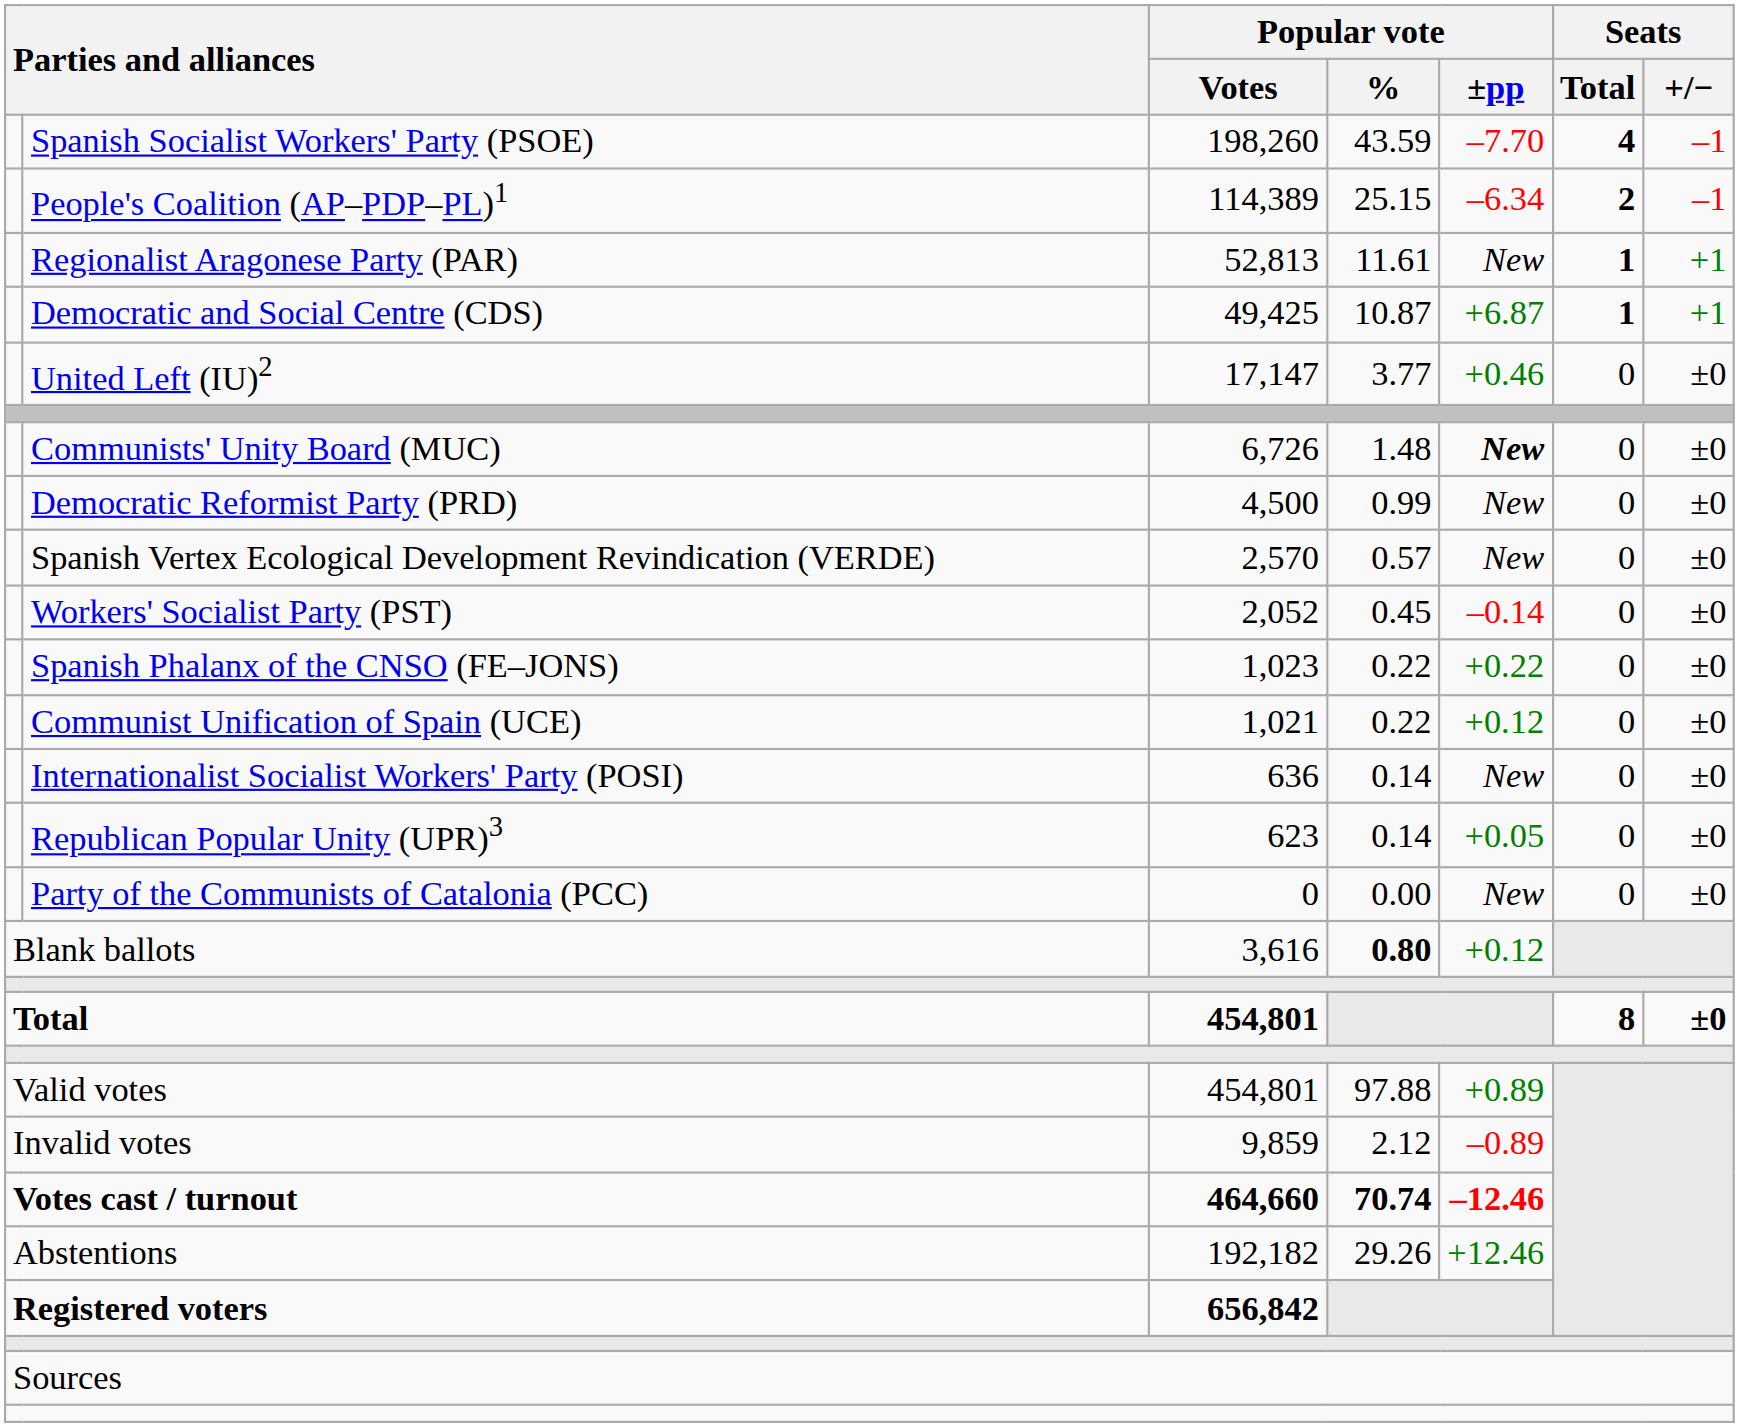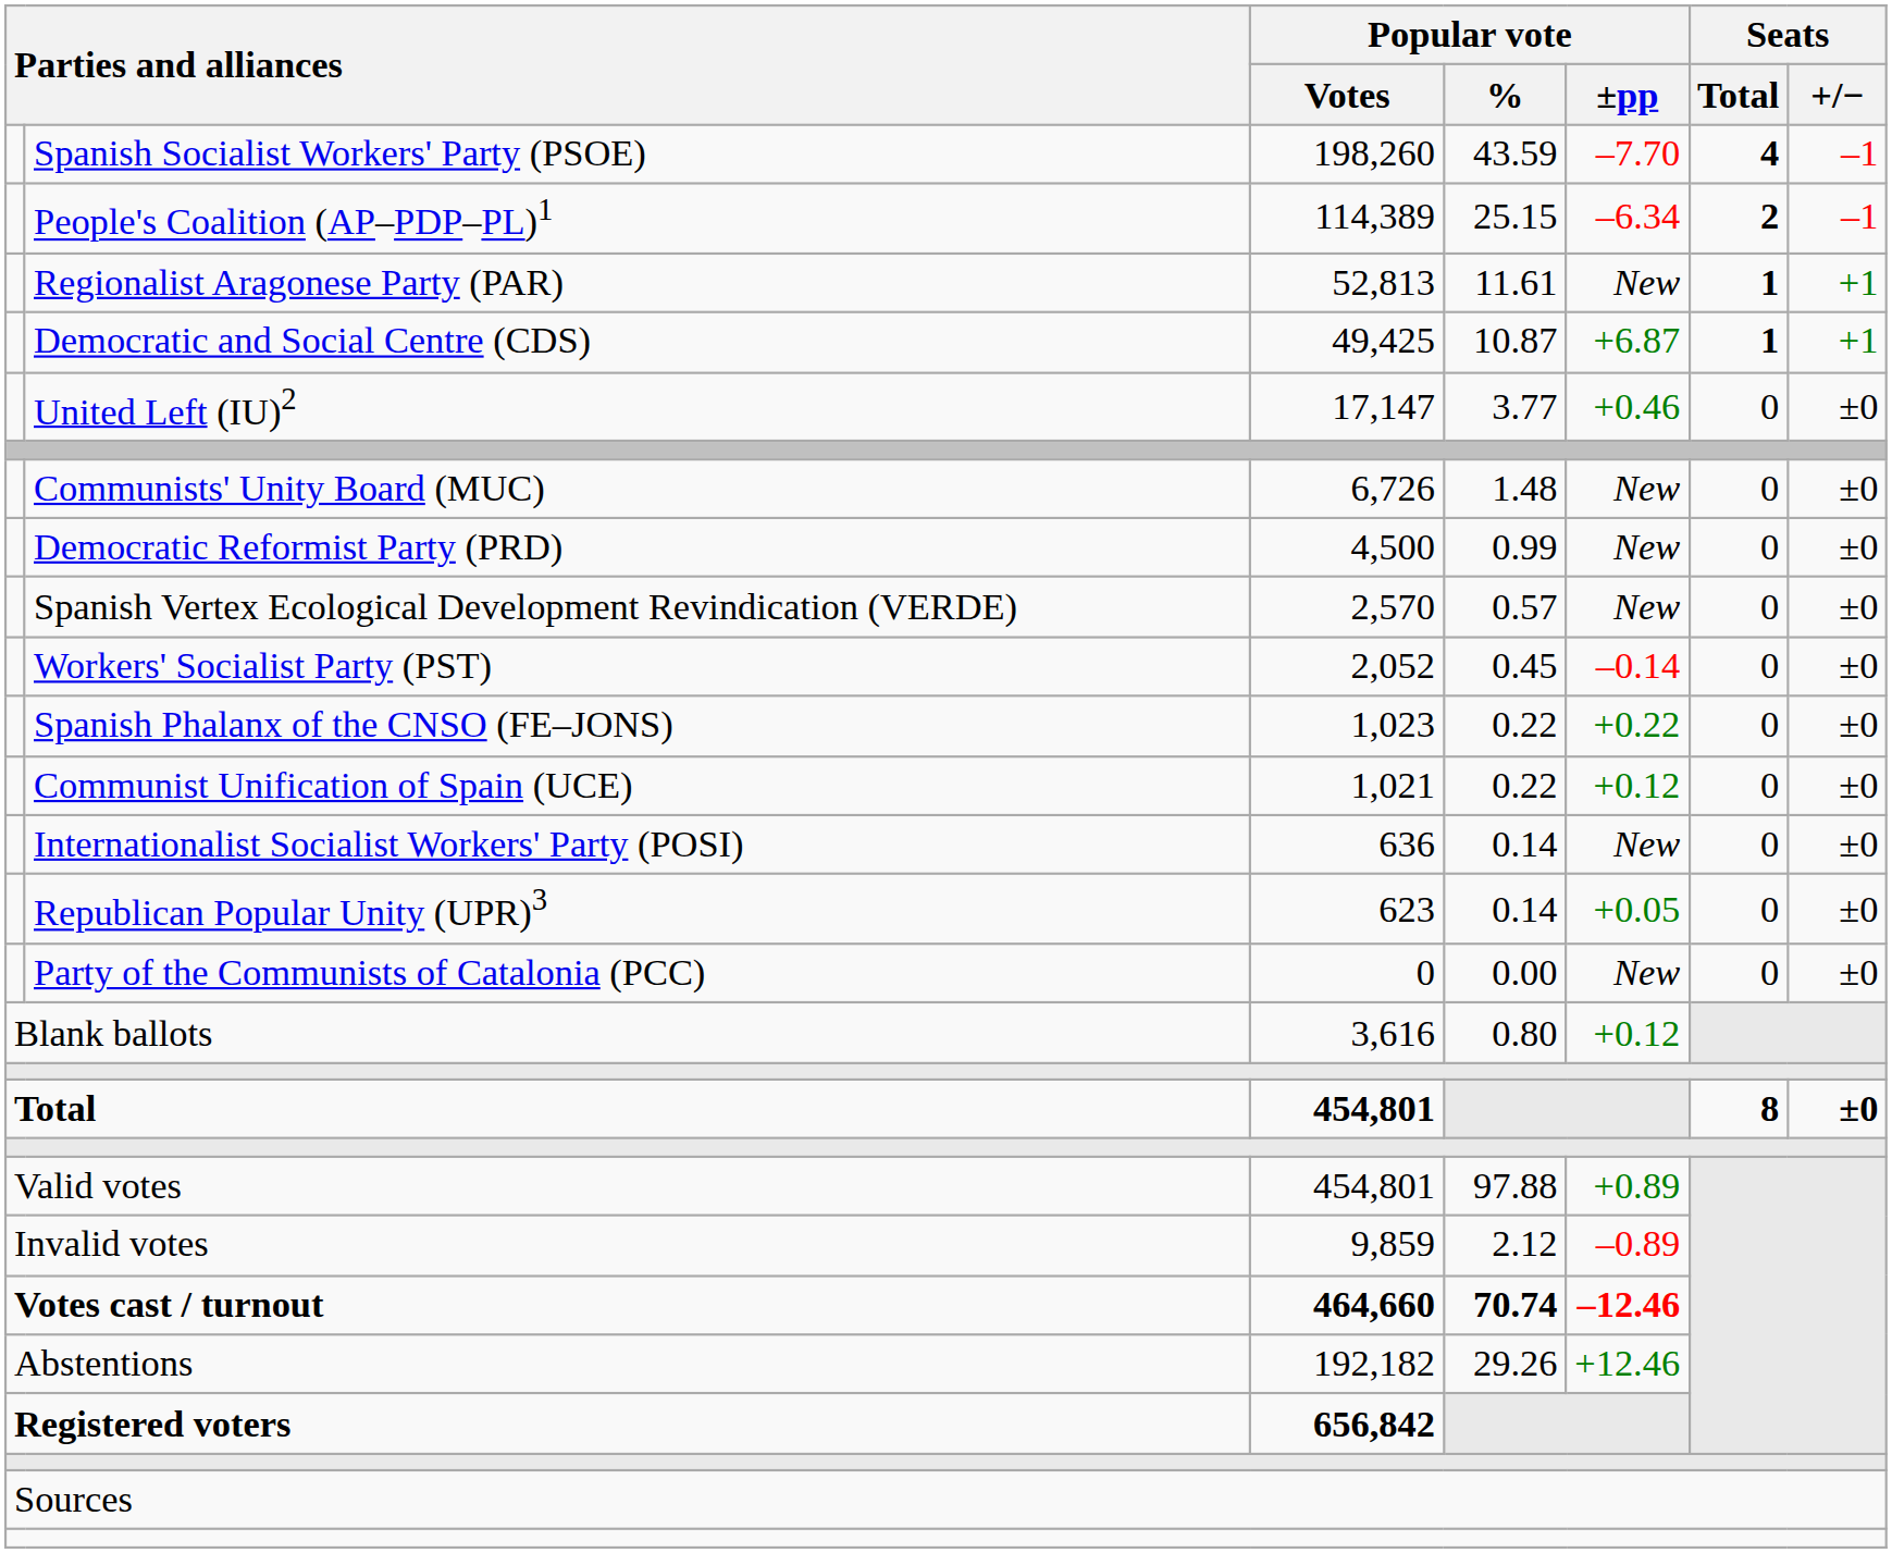 <table class="wikitable" style="text-align:right;">
 <tr>
 <th style="text-align:left;" rowspan="2" colspan="2" width="525">Parties and alliances</th>
 <th colspan="3">Popular vote</th>
 <th colspan="2">Seats</th>
 </tr>
 <tr>
 <th width="75">Votes</th>
 <th width="45">%</th>
 <th width="45">±<a href='#'>pp</a></th>
 <th width="35">Total</th>
 <th width="35">+/−</th>
 </tr>
 <tr>
 <td width="1" style="color:inherit;background:"></td>
 <td align="left"><a href='#'>Spanish Socialist Workers' Party</a> (PSOE)</td>
 <td>198,260</td>
 <td>43.59</td>
 <td style="color:red;">–7.70</td>
 <td><strong>4</strong></td>
 <td style="color:red;">–1</td>
 </tr>
 <tr>
 <td style="color:inherit;background:"></td>
 <td align="left"><a href='#'>People's Coalition</a> (<a href='#'>AP</a>–<a href='#'>PDP</a>–<a href='#'>PL</a>)<sup>1</sup></td>
 <td>114,389</td>
 <td>25.15</td>
 <td style="color:red;">–6.34</td>
 <td><strong>2</strong></td>
 <td style="color:red;">–1</td>
 </tr>
 <tr>
 <td style="color:inherit;background:"></td>
 <td align="left"><a href='#'>Regionalist Aragonese Party</a> (PAR)</td>
 <td>52,813</td>
 <td>11.61</td>
 <td><em>New</em></td>
 <td><strong>1</strong></td>
 <td style="color:green;">+1</td>
 </tr>
 <tr>
 <td style="color:inherit;background:"></td>
 <td align="left"><a href='#'>Democratic and Social Centre</a> (CDS)</td>
 <td>49,425</td>
 <td>10.87</td>
 <td style="color:green;">+6.87</td>
 <td><strong>1</strong></td>
 <td style="color:green;">+1</td>
 </tr>
 <tr>
 <td style="color:inherit;background:"></td>
 <td align="left"><a href='#'>United Left</a> (IU)<sup>2</sup></td>
 <td>17,147</td>
 <td>3.77</td>
 <td style="color:green;">+0.46</td>
 <td>0</td>
 <td>±0</td>
 </tr>
 <tr>
 <td colspan="7" bgcolor="#C0C0C0"></td>
 </tr>
 <tr>
 <td style="color:inherit;background:"></td>
 <td align="left"><a href='#'>Communists' Unity Board</a> (MUC)</td>
 <td>6,726</td>
 <td>1.48</td>
-<td><strong><em>New</em></strong></td>
+<td><em>New</em></td>
 <td>0</td>
 <td>±0</td>
 </tr>
 <tr>
 <td style="color:inherit;background:"></td>
 <td align="left"><a href='#'>Democratic Reformist Party</a> (PRD)</td>
 <td>4,500</td>
 <td>0.99</td>
 <td><em>New</em></td>
 <td>0</td>
 <td>±0</td>
 </tr>
 <tr>
 <td style="color:inherit;background:"></td>
 <td align="left">Spanish Vertex Ecological Development Revindication (VERDE)</td>
 <td>2,570</td>
 <td>0.57</td>
 <td><em>New</em></td>
 <td>0</td>
 <td>±0</td>
 </tr>
 <tr>
 <td style="color:inherit;background:"></td>
 <td align="left"><a href='#'>Workers' Socialist Party</a> (PST)</td>
 <td>2,052</td>
 <td>0.45</td>
 <td style="color:red;">–0.14</td>
 <td>0</td>
 <td>±0</td>
 </tr>
 <tr>
 <td style="color:inherit;background:"></td>
 <td align="left"><a href='#'>Spanish Phalanx of the CNSO</a> (FE–JONS)</td>
 <td>1,023</td>
 <td>0.22</td>
 <td style="color:green;">+0.22</td>
 <td>0</td>
 <td>±0</td>
 </tr>
 <tr>
 <td style="color:inherit;background:"></td>
 <td align="left"><a href='#'>Communist Unification of Spain</a> (UCE)</td>
 <td>1,021</td>
 <td>0.22</td>
 <td style="color:green;">+0.12</td>
 <td>0</td>
 <td>±0</td>
 </tr>
 <tr>
 <td style="color:inherit;background:"></td>
 <td align="left"><a href='#'>Internationalist Socialist Workers' Party</a> (POSI)</td>
 <td>636</td>
 <td>0.14</td>
 <td><em>New</em></td>
 <td>0</td>
 <td>±0</td>
 </tr>
 <tr>
 <td style="color:inherit;background:"></td>
 <td align="left"><a href='#'>Republican Popular Unity</a> (UPR)<sup>3</sup></td>
 <td>623</td>
 <td>0.14</td>
 <td style="color:green;">+0.05</td>
 <td>0</td>
 <td>±0</td>
 </tr>
 <tr>
 <td style="color:inherit;background:"></td>
 <td align="left"><a href='#'>Party of the Communists of Catalonia</a> (PCC)</td>
 <td>0</td>
 <td>0.00</td>
 <td><em>New</em></td>
 <td>0</td>
 <td>±0</td>
 </tr>
 <tr>
 <td align="left" colspan="2">Blank ballots</td>
 <td>3,616</td>
-<td><strong>0.80</strong></td>
+<td>0.80</td>
 <td style="color:green;">+0.12</td>
 <td bgcolor="#E9E9E9" colspan="2"></td>
 </tr>
 <tr>
 <td colspan="7" bgcolor="#E9E9E9"></td>
 </tr>
 <tr style="font-weight:bold;">
 <td align="left" colspan="2">Total</td>
 <td>454,801</td>
 <td bgcolor="#E9E9E9" colspan="2"></td>
 <td>8</td>
 <td>±0</td>
 </tr>
 <tr>
 <td colspan="7" bgcolor="#E9E9E9"></td>
 </tr>
 <tr>
 <td align="left" colspan="2">Valid votes</td>
 <td>454,801</td>
 <td>97.88</td>
 <td style="color:green;">+0.89</td>
 <td bgcolor="#E9E9E9" colspan="2" rowspan="5"></td>
 </tr>
 <tr>
 <td align="left" colspan="2">Invalid votes</td>
 <td>9,859</td>
 <td>2.12</td>
 <td style="color:red;">–0.89</td>
 </tr>
 <tr style="font-weight:bold;">
 <td align="left" colspan="2">Votes cast / turnout</td>
 <td>464,660</td>
 <td>70.74</td>
 <td style="color:red;">–12.46</td>
 </tr>
 <tr>
 <td align="left" colspan="2">Abstentions</td>
 <td>192,182</td>
 <td>29.26</td>
 <td style="color:green;">+12.46</td>
 </tr>
 <tr style="font-weight:bold;">
 <td align="left" colspan="2">Registered voters</td>
 <td>656,842</td>
 <td bgcolor="#E9E9E9" colspan="2"></td>
 </tr>
 <tr>
 <td colspan="7" bgcolor="#E9E9E9"></td>
 </tr>
 <tr>
 <td align="left" colspan="7">Sources</td>
 </tr>
 <tr>
 <td colspan="7" style="text-align:left; max-width:790px;"></td>
 </tr>
 </table>
